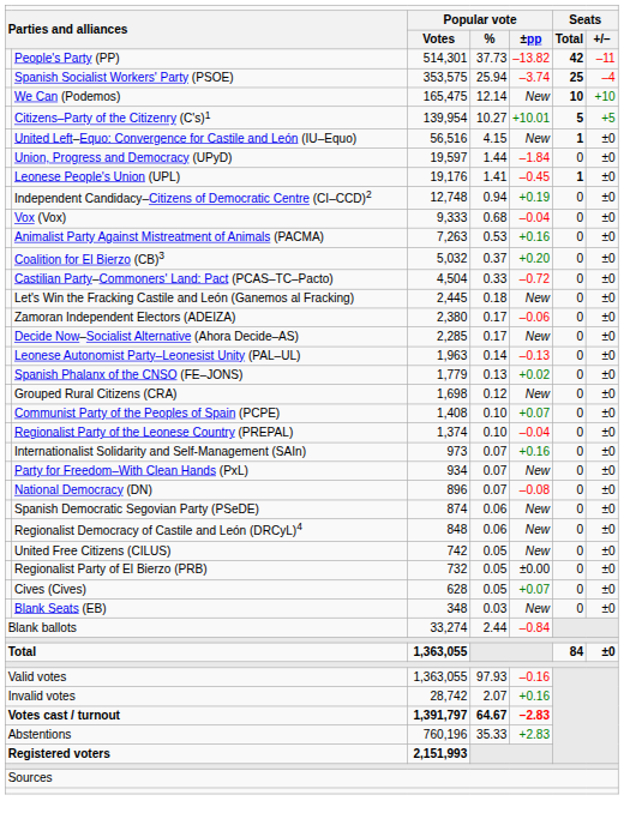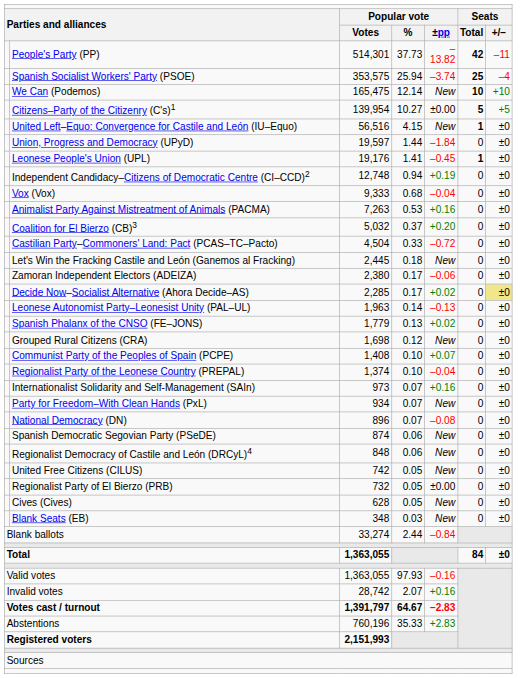 <table class="wikitable" style="text-align:right;">
 <tr>
 <td colspan="7"></td>
 </tr>
 <tr>
 <th style="text-align:left;" rowspan="2" colspan="2" width="525">Parties and alliances</th>
 <th colspan="3">Popular vote</th>
 <th colspan="2">Seats</th>
 </tr>
 <tr>
 <th width="75">Votes</th>
 <th width="45">%</th>
 <th width="45">±<a href='#'>pp</a></th>
 <th width="35">Total</th>
 <th width="35">+/−</th>
 </tr>
 <tr>
 <td width="1" style="color:inherit;background:"></td>
 <td align="left"><a href='#'>People's Party</a> (PP)</td>
 <td>514,301</td>
 <td>37.73</td>
 <td style="color:red;">–13.82</td>
 <td><strong>42</strong></td>
 <td style="color:red;">–11</td>
 </tr>
 <tr>
 <td style="color:inherit;background:"></td>
 <td align="left"><a href='#'>Spanish Socialist Workers' Party</a> (PSOE)</td>
 <td>353,575</td>
 <td>25.94</td>
 <td style="color:red;">–3.74</td>
 <td><strong>25</strong></td>
 <td style="color:red;">–4</td>
 </tr>
 <tr>
 <td style="color:inherit;background:"></td>
 <td align="left"><a href='#'>We Can</a> (Podemos)</td>
 <td>165,475</td>
 <td>12.14</td>
 <td><em>New</em></td>
 <td><strong>10</strong></td>
 <td style="color:green;">+10</td>
 </tr>
 <tr>
 <td style="color:inherit;background:"></td>
 <td align="left"><a href='#'>Citizens–Party of the Citizenry</a> (C's)<sup>1</sup></td>
 <td>139,954</td>
 <td>10.27</td>
-<td style="color:green;">+10.01</td>
+<td>±0.00</td>
 <td><strong>5</strong></td>
 <td style="color:green;">+5</td>
 </tr>
 <tr>
 <td style="color:inherit;background:"></td>
 <td align="left"><a href='#'>United Left</a>–<a href='#'>Equo: Convergence for Castile and León</a> (IU–Equo)</td>
 <td>56,516</td>
 <td>4.15</td>
 <td><em>New</em></td>
 <td><strong>1</strong></td>
 <td>±0</td>
 </tr>
 <tr>
 <td style="color:inherit;background:"></td>
 <td align="left"><a href='#'>Union, Progress and Democracy</a> (UPyD)</td>
 <td>19,597</td>
 <td>1.44</td>
 <td style="color:red;">–1.84</td>
 <td>0</td>
 <td>±0</td>
 </tr>
 <tr>
 <td style="color:inherit;background:"></td>
 <td align="left"><a href='#'>Leonese People's Union</a> (UPL)</td>
 <td>19,176</td>
 <td>1.41</td>
 <td style="color:red;">–0.45</td>
 <td><strong>1</strong></td>
 <td>±0</td>
 </tr>
 <tr>
 <td style="color:inherit;background:"></td>
 <td align="left">Independent Candidacy–<a href='#'>Citizens of Democratic Centre</a> (CI–CCD)<sup>2</sup></td>
 <td>12,748</td>
 <td>0.94</td>
 <td style="color:green;">+0.19</td>
 <td>0</td>
 <td>±0</td>
 </tr>
 <tr>
 <td style="color:inherit;background:"></td>
 <td align="left"><a href='#'>Vox</a> (Vox)</td>
 <td>9,333</td>
 <td>0.68</td>
 <td style="color:red;">–0.04</td>
 <td>0</td>
 <td>±0</td>
 </tr>
 <tr>
 <td style="color:inherit;background:"></td>
 <td align="left"><a href='#'>Animalist Party Against Mistreatment of Animals</a> (PACMA)</td>
 <td>7,263</td>
 <td>0.53</td>
 <td style="color:green;">+0.16</td>
 <td>0</td>
 <td>±0</td>
 </tr>
 <tr>
 <td style="color:inherit;background:"></td>
 <td align="left"><a href='#'>Coalition for El Bierzo</a> (CB)<sup>3</sup></td>
 <td>5,032</td>
 <td>0.37</td>
 <td style="color:green;">+0.20</td>
 <td>0</td>
 <td>±0</td>
 </tr>
 <tr>
 <td style="color:inherit;background:"></td>
 <td align="left"><a href='#'>Castilian Party</a>–<a href='#'>Commoners' Land: Pact</a> (PCAS–TC–Pacto)</td>
 <td>4,504</td>
 <td>0.33</td>
 <td style="color:red;">–0.72</td>
 <td>0</td>
 <td>±0</td>
 </tr>
 <tr>
 <td style="color:inherit;background:"></td>
 <td align="left">Let's Win the Fracking Castile and León (Ganemos al Fracking)</td>
 <td>2,445</td>
 <td>0.18</td>
 <td><em>New</em></td>
 <td>0</td>
 <td>±0</td>
 </tr>
 <tr>
 <td style="color:inherit;background:"></td>
 <td align="left">Zamoran Independent Electors (ADEIZA)</td>
 <td>2,380</td>
 <td>0.17</td>
 <td style="color:red;">–0.06</td>
 <td>0</td>
 <td>±0</td>
 </tr>
 <tr>
 <td style="color:inherit;background:"></td>
 <td align="left"><a href='#'>Decide Now</a>–<a href='#'>Socialist Alternative</a> (Ahora Decide–AS)</td>
 <td>2,285</td>
 <td>0.17</td>
-<td><em>New</em></td>
+<td style="color:green;">+0.02</td>
 <td>0</td>
-<td>±0</td>
+<td style="background: khaki;">±0</td>
 </tr>
 <tr>
 <td style="color:inherit;background:"></td>
 <td align="left"><a href='#'>Leonese Autonomist Party–Leonesist Unity</a> (PAL–UL)</td>
 <td>1,963</td>
 <td>0.14</td>
 <td style="color:red;">–0.13</td>
 <td>0</td>
 <td>±0</td>
 </tr>
 <tr>
 <td style="color:inherit;background:"></td>
 <td align="left"><a href='#'>Spanish Phalanx of the CNSO</a> (FE–JONS)</td>
 <td>1,779</td>
 <td>0.13</td>
 <td style="color:green;">+0.02</td>
 <td>0</td>
 <td>±0</td>
 </tr>
 <tr>
 <td style="color:inherit;background:"></td>
 <td align="left">Grouped Rural Citizens (CRA)</td>
 <td>1,698</td>
 <td>0.12</td>
 <td><em>New</em></td>
 <td>0</td>
 <td>±0</td>
 </tr>
 <tr>
 <td style="color:inherit;background:"></td>
 <td align="left"><a href='#'>Communist Party of the Peoples of Spain</a> (PCPE)</td>
 <td>1,408</td>
 <td>0.10</td>
 <td style="color:green;">+0.07</td>
 <td>0</td>
 <td>±0</td>
 </tr>
 <tr>
 <td style="color:inherit;background:"></td>
 <td align="left"><a href='#'>Regionalist Party of the Leonese Country</a> (PREPAL)</td>
 <td>1,374</td>
 <td>0.10</td>
 <td style="color:red;">–0.04</td>
 <td>0</td>
 <td>±0</td>
 </tr>
 <tr>
 <td style="color:inherit;background:"></td>
 <td align="left">Internationalist Solidarity and Self-Management (SAIn)</td>
 <td>973</td>
 <td>0.07</td>
 <td style="color:green;">+0.16</td>
 <td>0</td>
 <td>±0</td>
 </tr>
 <tr>
 <td style="color:inherit;background:"></td>
 <td align="left"><a href='#'>Party for Freedom–With Clean Hands</a> (PxL)</td>
 <td>934</td>
 <td>0.07</td>
 <td><em>New</em></td>
 <td>0</td>
 <td>±0</td>
 </tr>
 <tr>
 <td style="color:inherit;background:"></td>
 <td align="left"><a href='#'>National Democracy</a> (DN)</td>
 <td>896</td>
 <td>0.07</td>
 <td style="color:red;">–0.08</td>
 <td>0</td>
 <td>±0</td>
 </tr>
 <tr>
 <td style="color:inherit;background:"></td>
 <td align="left">Spanish Democratic Segovian Party (PSeDE)</td>
 <td>874</td>
 <td>0.06</td>
 <td><em>New</em></td>
 <td>0</td>
 <td>±0</td>
 </tr>
 <tr>
 <td style="color:inherit;background:"></td>
 <td align="left">Regionalist Democracy of Castile and León (DRCyL)<sup>4</sup></td>
 <td>848</td>
 <td>0.06</td>
 <td><em>New</em></td>
 <td>0</td>
 <td>±0</td>
 </tr>
 <tr>
 <td style="color:inherit;background:"></td>
 <td align="left">United Free Citizens (CILUS)</td>
 <td>742</td>
 <td>0.05</td>
 <td><em>New</em></td>
 <td>0</td>
 <td>±0</td>
 </tr>
 <tr>
 <td style="color:inherit;background:"></td>
 <td align="left">Regionalist Party of El Bierzo (PRB)</td>
 <td>732</td>
 <td>0.05</td>
 <td>±0.00</td>
 <td>0</td>
 <td>±0</td>
 </tr>
 <tr>
 <td style="color:inherit;background:"></td>
 <td align="left">Cives (Cives)</td>
 <td>628</td>
 <td>0.05</td>
-<td style="color:green;">+0.07</td>
+<td><em>New</em></td>
 <td>0</td>
 <td>±0</td>
 </tr>
 <tr>
 <td style="color:inherit;background:"></td>
 <td align="left"><a href='#'>Blank Seats</a> (EB)</td>
 <td>348</td>
 <td>0.03</td>
 <td><em>New</em></td>
 <td>0</td>
 <td>±0</td>
 </tr>
 <tr>
 <td align="left" colspan="2">Blank ballots</td>
 <td>33,274</td>
 <td>2.44</td>
 <td style="color:red;">–0.84</td>
 <td bgcolor="#E9E9E9" colspan="2"></td>
 </tr>
 <tr>
 <td colspan="7" bgcolor="#E9E9E9"></td>
 </tr>
 <tr style="font-weight:bold;">
 <td align="left" colspan="2">Total</td>
 <td>1,363,055</td>
 <td bgcolor="#E9E9E9" colspan="2"></td>
 <td>84</td>
 <td>±0</td>
 </tr>
 <tr>
 <td colspan="7" bgcolor="#E9E9E9"></td>
 </tr>
 <tr>
 <td align="left" colspan="2">Valid votes</td>
 <td>1,363,055</td>
 <td>97.93</td>
 <td style="color:red;">–0.16</td>
 <td bgcolor="#E9E9E9" colspan="2" rowspan="5"></td>
 </tr>
 <tr>
 <td align="left" colspan="2">Invalid votes</td>
 <td>28,742</td>
 <td>2.07</td>
 <td style="color:green;">+0.16</td>
 </tr>
 <tr style="font-weight:bold;">
 <td align="left" colspan="2">Votes cast / turnout</td>
 <td>1,391,797</td>
 <td>64.67</td>
 <td style="color:red;">–2.83</td>
 </tr>
 <tr>
 <td align="left" colspan="2">Abstentions</td>
 <td>760,196</td>
 <td>35.33</td>
 <td style="color:green;">+2.83</td>
 </tr>
 <tr style="font-weight:bold;">
 <td align="left" colspan="2">Registered voters</td>
 <td>2,151,993</td>
 <td bgcolor="#E9E9E9" colspan="2"></td>
 </tr>
 <tr>
 <td colspan="7" bgcolor="#E9E9E9"></td>
 </tr>
 <tr>
 <td align="left" colspan="7">Sources</td>
 </tr>
 <tr>
 <td colspan="7" style="text-align:left; max-width:790px;"></td>
 </tr>
 </table>
